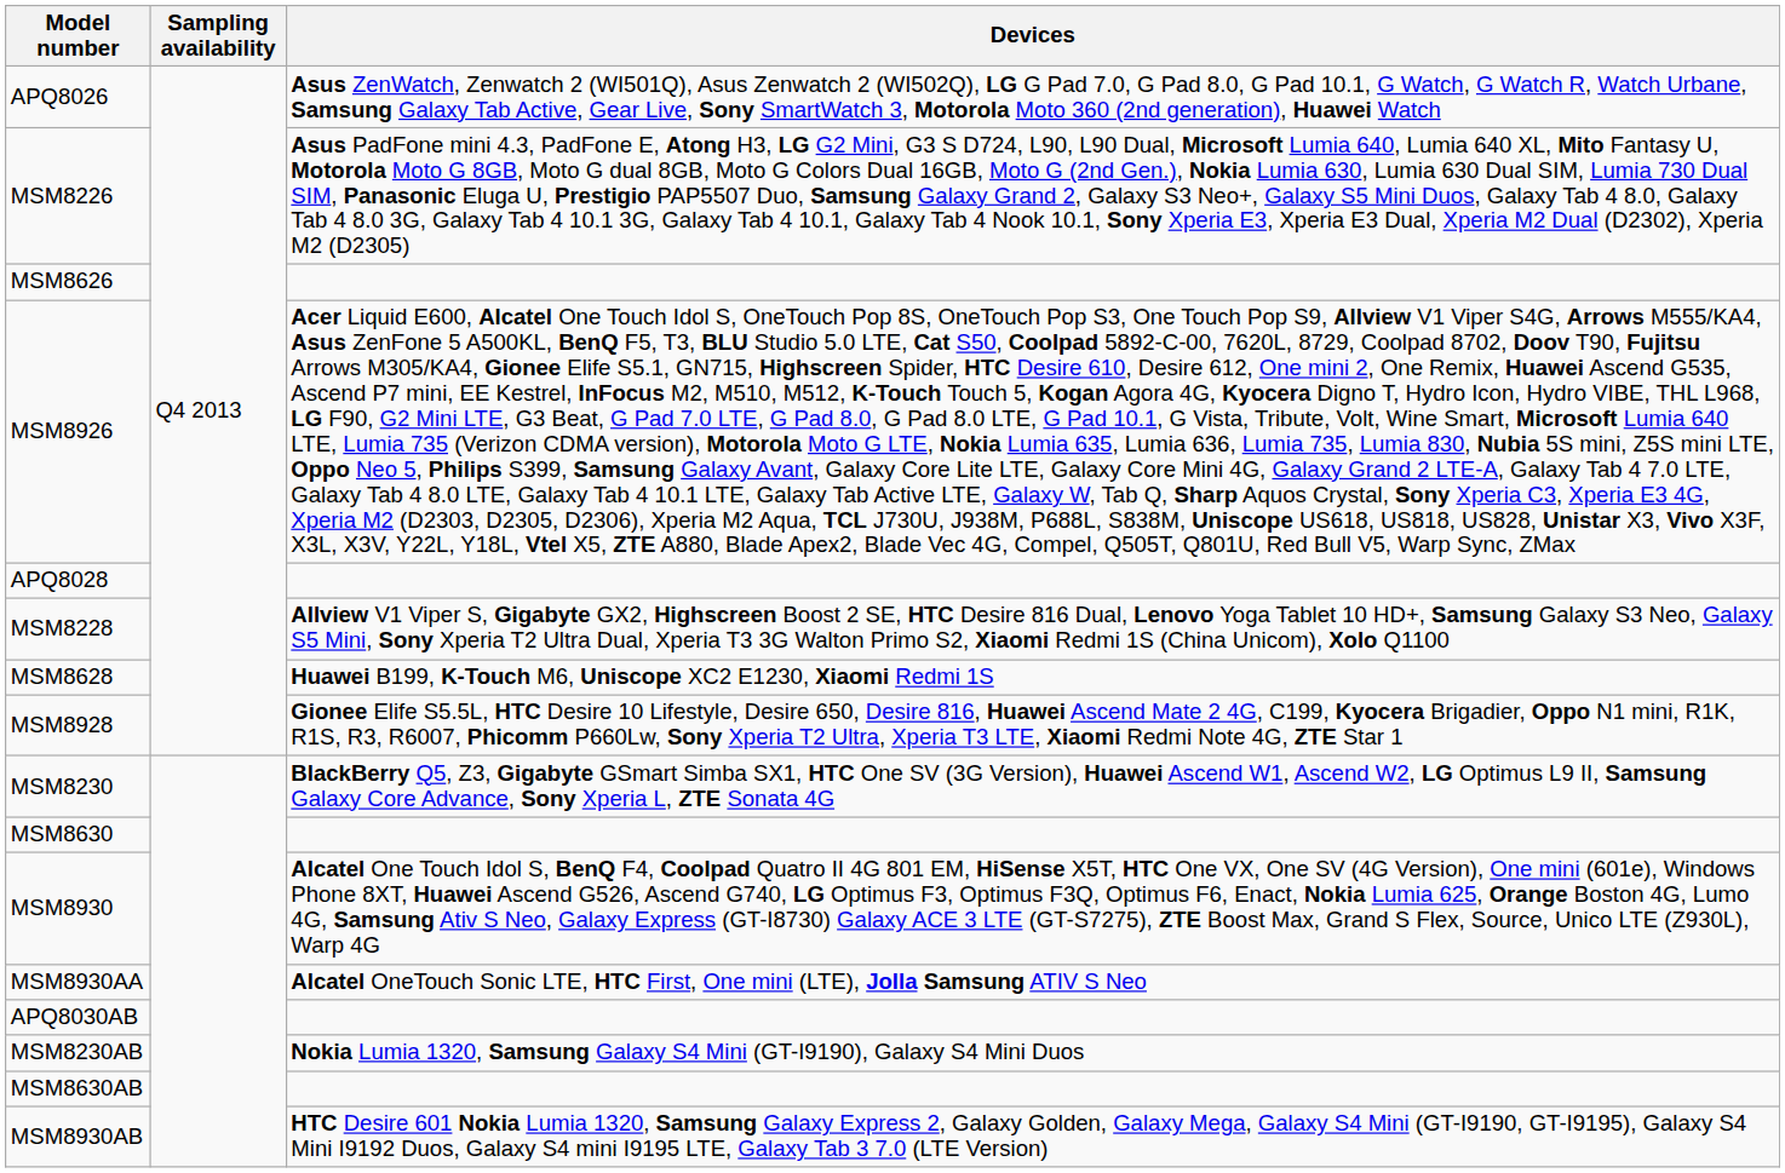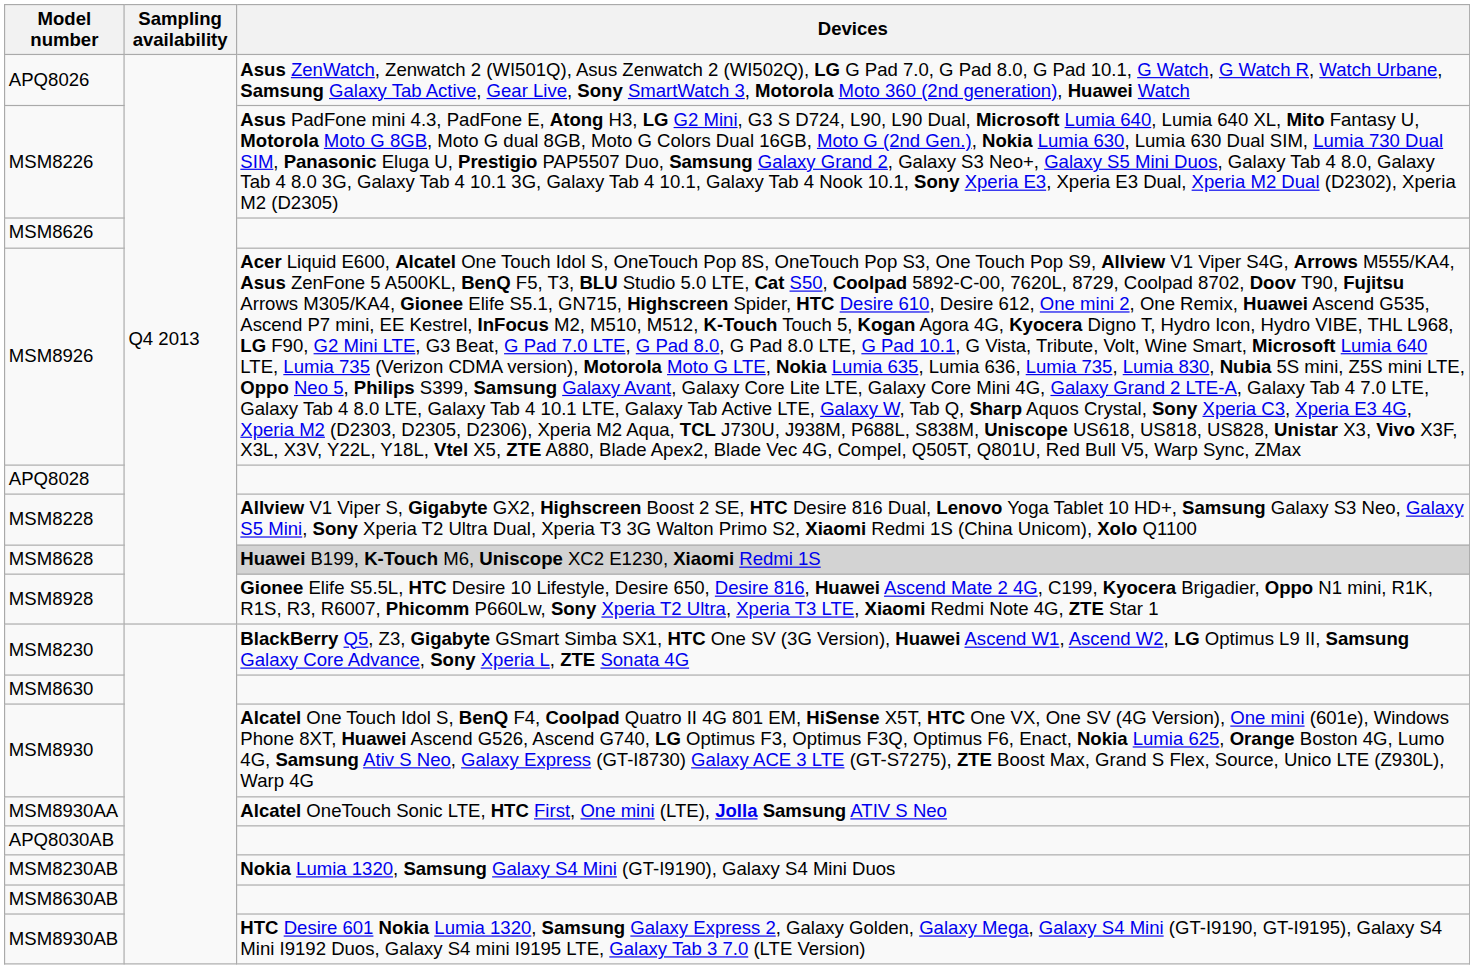 <table class="wikitable" style="width:100%">
 <tr>
 <th>Model number</th>
 <th>Sampling availability</th>
 <th>Devices</th>
 </tr>
 <tr>
 <td>APQ8026</td>
 <td rowspan="8">Q4 2013</td>
 <td><strong>Asus</strong> <a href='#'>ZenWatch</a>, Zenwatch 2 (WI501Q), Asus Zenwatch 2 (WI502Q), <strong>LG</strong> G Pad 7.0, G Pad 8.0, G Pad 10.1, <a href='#'>G Watch</a>, <a href='#'>G Watch R</a>, <a href='#'>Watch Urbane</a>, <strong>Samsung</strong> <a href='#'>Galaxy Tab Active</a>, <a href='#'>Gear Live</a>, <strong>Sony</strong> <a href='#'>SmartWatch 3</a>, <strong>Motorola</strong> <a href='#'>Moto 360 (2nd generation)</a>, <strong>Huawei</strong> <a href='#'>Watch</a></td>
 </tr>
 <tr>
 <td>MSM8226</td>
 <td><strong>Asus</strong> PadFone mini 4.3, PadFone E, <strong>Atong</strong> H3, <strong>LG</strong> <a href='#'>G2 Mini</a>, G3 S D724, L90, L90 Dual, <strong>Microsoft</strong> <a href='#'>Lumia 640</a>, Lumia 640 XL, <strong>Mito</strong> Fantasy U, <strong>Motorola</strong> <a href='#'>Moto G 8GB</a>, Moto G dual 8GB, Moto G Colors Dual 16GB, <a href='#'>Moto G (2nd Gen.)</a>, <strong>Nokia</strong> <a href='#'>Lumia 630</a>, Lumia 630 Dual SIM, <a href='#'>Lumia 730 Dual SIM</a>, <strong>Panasonic</strong> Eluga U, <strong>Prestigio</strong> PAP5507 Duo, <strong>Samsung</strong> <a href='#'>Galaxy Grand 2</a>, Galaxy S3 Neo+, <a href='#'>Galaxy S5 Mini Duos</a>, Galaxy Tab 4 8.0, Galaxy Tab 4 8.0 3G, Galaxy Tab 4 10.1 3G, Galaxy Tab 4 10.1, Galaxy Tab 4 Nook 10.1, <strong>Sony</strong> <a href='#'>Xperia E3</a>, Xperia E3 Dual, <a href='#'>Xperia M2 Dual</a> (D2302), Xperia M2 (D2305)</td>
 </tr>
 <tr>
 <td>MSM8626</td>
 <td></td>
 </tr>
 <tr>
 <td>MSM8926</td>
 <td><strong>Acer</strong> Liquid E600, <strong>Alcatel</strong> One Touch Idol S, OneTouch Pop 8S, OneTouch Pop S3, One Touch Pop S9, <strong>Allview</strong> V1 Viper S4G, <strong>Arrows</strong> M555/KA4, <strong>Asus</strong> ZenFone 5 A500KL, <strong>BenQ</strong> F5, T3, <strong>BLU</strong> Studio 5.0 LTE, <strong>Cat</strong> <a href='#'>S50</a>, <strong>Coolpad</strong> 5892-C-00, 7620L, 8729, Coolpad 8702, <strong>Doov</strong> T90, <strong>Fujitsu</strong> Arrows M305/KA4, <strong>Gionee</strong> Elife S5.1, GN715, <strong>Highscreen</strong> Spider, <strong>HTC</strong> <a href='#'>Desire 610</a>, Desire 612, <a href='#'>One mini 2</a>, One Remix, <strong>Huawei</strong> Ascend G535, Ascend P7 mini, EE Kestrel, <strong>InFocus</strong> M2, M510, M512, <strong>K-Touch</strong> Touch 5, <strong>Kogan</strong> Agora 4G, <strong>Kyocera</strong> Digno T, Hydro Icon, Hydro VIBE, THL L968, <strong>LG</strong> F90, <a href='#'>G2 Mini LTE</a>, G3 Beat, <a href='#'>G Pad 7.0 LTE</a>, <a href='#'>G Pad 8.0</a>, G Pad 8.0 LTE, <a href='#'>G Pad 10.1</a>, G Vista, Tribute, Volt, Wine Smart, <strong>Microsoft</strong> <a href='#'>Lumia 640</a> LTE, <a href='#'>Lumia 735</a> (Verizon CDMA version), <strong>Motorola</strong> <a href='#'>Moto G LTE</a>, <strong>Nokia</strong> <a href='#'>Lumia 635</a>, Lumia 636, <a href='#'>Lumia 735</a>, <a href='#'>Lumia 830</a>, <strong>Nubia</strong> 5S mini, Z5S mini LTE, <strong>Oppo</strong> <a href='#'>Neo 5</a>, <strong>Philips</strong> S399, <strong>Samsung</strong> <a href='#'>Galaxy Avant</a>, Galaxy Core Lite LTE, Galaxy Core Mini 4G, <a href='#'>Galaxy Grand 2 LTE-A</a>, Galaxy Tab 4 7.0 LTE, Galaxy Tab 4 8.0 LTE, Galaxy Tab 4 10.1 LTE, Galaxy Tab Active LTE, <a href='#'>Galaxy W</a>, Tab Q, <strong>Sharp</strong> Aquos Crystal, <strong>Sony</strong> <a href='#'>Xperia C3</a>, <a href='#'>Xperia E3 4G</a>, <a href='#'>Xperia M2</a> (D2303, D2305, D2306), Xperia M2 Aqua, <strong>TCL</strong> J730U, J938M, P688L, S838M, <strong>Uniscope</strong> US618, US818, US828, <strong>Unistar</strong> X3, <strong>Vivo</strong> X3F, X3L, X3V, Y22L, Y18L, <strong>Vtel</strong> X5, <strong>ZTE</strong> A880, Blade Apex2, Blade Vec 4G, Compel, Q505T, Q801U, Red Bull V5, Warp Sync, ZMax</td>
 </tr>
 <tr>
 <td>APQ8028</td>
 <td></td>
 </tr>
 <tr>
 <td>MSM8228</td>
 <td><strong>Allview</strong> V1 Viper S, <strong>Gigabyte</strong> GX2, <strong>Highscreen</strong> Boost 2 SE, <strong>HTC</strong> Desire 816 Dual, <strong>Lenovo</strong> Yoga Tablet 10 HD+, <strong>Samsung</strong> Galaxy S3 Neo, <a href='#'>Galaxy S5 Mini</a>, <strong>Sony</strong> Xperia T2 Ultra Dual, Xperia T3 3G Walton Primo S2, <strong>Xiaomi</strong> Redmi 1S (China Unicom), <strong>Xolo</strong> Q1100</td>
 </tr>
 <tr>
 <td>MSM8628</td>
-<td><strong>Huawei</strong> B199, <strong>K-Touch</strong> M6, <strong>Uniscope</strong> XC2 E1230, <strong>Xiaomi</strong> <a href='#'>Redmi 1S</a></td>
+<td style="background: lightgrey;"><strong>Huawei</strong> B199, <strong>K-Touch</strong> M6, <strong>Uniscope</strong> XC2 E1230, <strong>Xiaomi</strong> <a href='#'>Redmi 1S</a></td>
 </tr>
 <tr>
 <td>MSM8928</td>
 <td><strong>Gionee</strong> Elife S5.5L, <strong>HTC</strong> Desire 10 Lifestyle, Desire 650, <a href='#'>Desire 816</a>, <strong>Huawei</strong> <a href='#'>Ascend Mate 2 4G</a>, C199, <strong>Kyocera</strong> Brigadier, <strong>Oppo</strong> N1 mini, R1K, R1S, R3, R6007, <strong>Phicomm</strong> P660Lw,  <strong>Sony</strong> <a href='#'>Xperia T2 Ultra</a>, <a href='#'>Xperia T3 LTE</a>, <strong>Xiaomi</strong> Redmi Note 4G, <strong>ZTE</strong> Star 1</td>
 </tr>
 <tr>
 <td>MSM8230</td>
 <td rowspan="8"></td>
 <td><strong>BlackBerry</strong> <a href='#'>Q5</a>, Z3, <strong>Gigabyte</strong> GSmart Simba SX1, <strong>HTC</strong> One SV (3G Version), <strong>Huawei</strong> <a href='#'>Ascend W1</a>, <a href='#'>Ascend W2</a>, <strong>LG</strong> Optimus L9 II, <strong>Samsung</strong> <a href='#'>Galaxy Core Advance</a>, <strong>Sony</strong> <a href='#'>Xperia L</a>, <strong>ZTE</strong> <a href='#'>Sonata 4G</a></td>
 </tr>
 <tr>
 <td>MSM8630</td>
 <td></td>
 </tr>
 <tr>
 <td>MSM8930</td>
 <td><strong>Alcatel</strong> One Touch Idol S, <strong>BenQ</strong> F4, <strong>Coolpad</strong> Quatro II 4G 801 EM, <strong>HiSense</strong> X5T, <strong>HTC</strong> One VX, One SV (4G Version), <a href='#'>One mini</a> (601e), Windows Phone 8XT, <strong>Huawei</strong> Ascend G526, Ascend G740, <strong>LG</strong> Optimus F3, Optimus F3Q, Optimus F6, Enact, <strong>Nokia</strong> <a href='#'>Lumia 625</a>, <strong>Orange</strong> Boston 4G, Lumo 4G, <strong>Samsung</strong> <a href='#'>Ativ S Neo</a>, <a href='#'>Galaxy Express</a> (GT-I8730) <a href='#'>Galaxy ACE 3 LTE</a> (GT-S7275), <strong>ZTE</strong> Boost Max, Grand S Flex, Source, Unico LTE (Z930L), Warp 4G</td>
 </tr>
 <tr>
 <td>MSM8930AA</td>
 <td><strong>Alcatel</strong> OneTouch Sonic LTE, <strong>HTC</strong> <a href='#'>First</a>, <a href='#'>One mini</a> (LTE), <a href='#'><strong>Jolla</strong></a> <strong>Samsung</strong> <a href='#'>ATIV S Neo</a></td>
 </tr>
 <tr>
 <td>APQ8030AB</td>
 <td></td>
 </tr>
 <tr>
 <td>MSM8230AB</td>
 <td><strong>Nokia</strong> <a href='#'>Lumia 1320</a>, <strong>Samsung</strong> <a href='#'>Galaxy S4 Mini</a> (GT-I9190), Galaxy S4 Mini Duos</td>
 </tr>
 <tr>
 <td>MSM8630AB</td>
 <td></td>
 </tr>
 <tr>
 <td>MSM8930AB</td>
 <td><strong>HTC</strong> <a href='#'>Desire 601</a> <strong>Nokia</strong> <a href='#'>Lumia 1320</a>, <strong>Samsung</strong> <a href='#'>Galaxy Express 2</a>, Galaxy Golden, <a href='#'>Galaxy Mega</a>, <a href='#'>Galaxy S4 Mini</a> (GT-I9190, GT-I9195),<strong></strong> Galaxy S4 Mini I9192 Duos, Galaxy S4 mini I9195 LTE, <a href='#'>Galaxy Tab 3 7.0</a> (LTE Version)</td>
 </tr>
 </table>
